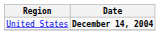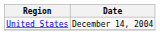 <table class="wikitable">
 <tr>
 <th>Region</th>
 <th>Date<br></th>
 </tr>
 <tr>
 <td><a href='#'>United States</a></td>
-<td><strong>December 14, 2004</strong></td>
+<td>December 14, 2004</td>
 </tr>
 <tr>
 </tr>
 </table>
